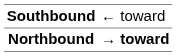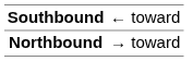 <table border="1" cellspacing="0" cellpadding="3" frame="hsides" rules="rows">
 <tr>
 <th><span>Southbound</span></th>
 <td>←  toward </td>
 </tr>
 <tr>
 <th><span>Northbound</span></th>
-<td><strong>→  toward </strong></td>
+<td>→  toward </td>
 </tr>
 </table>
